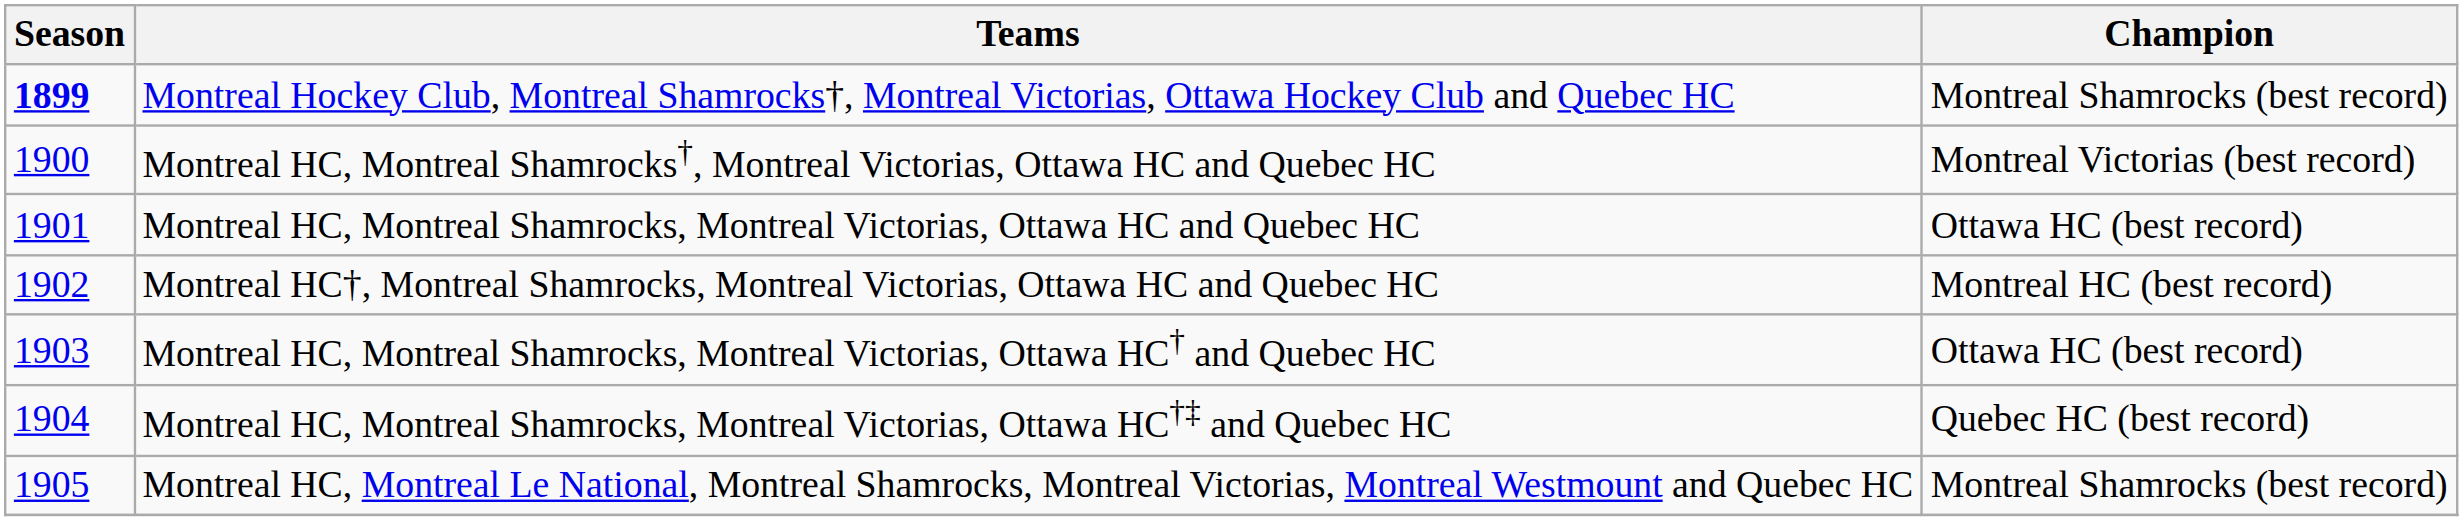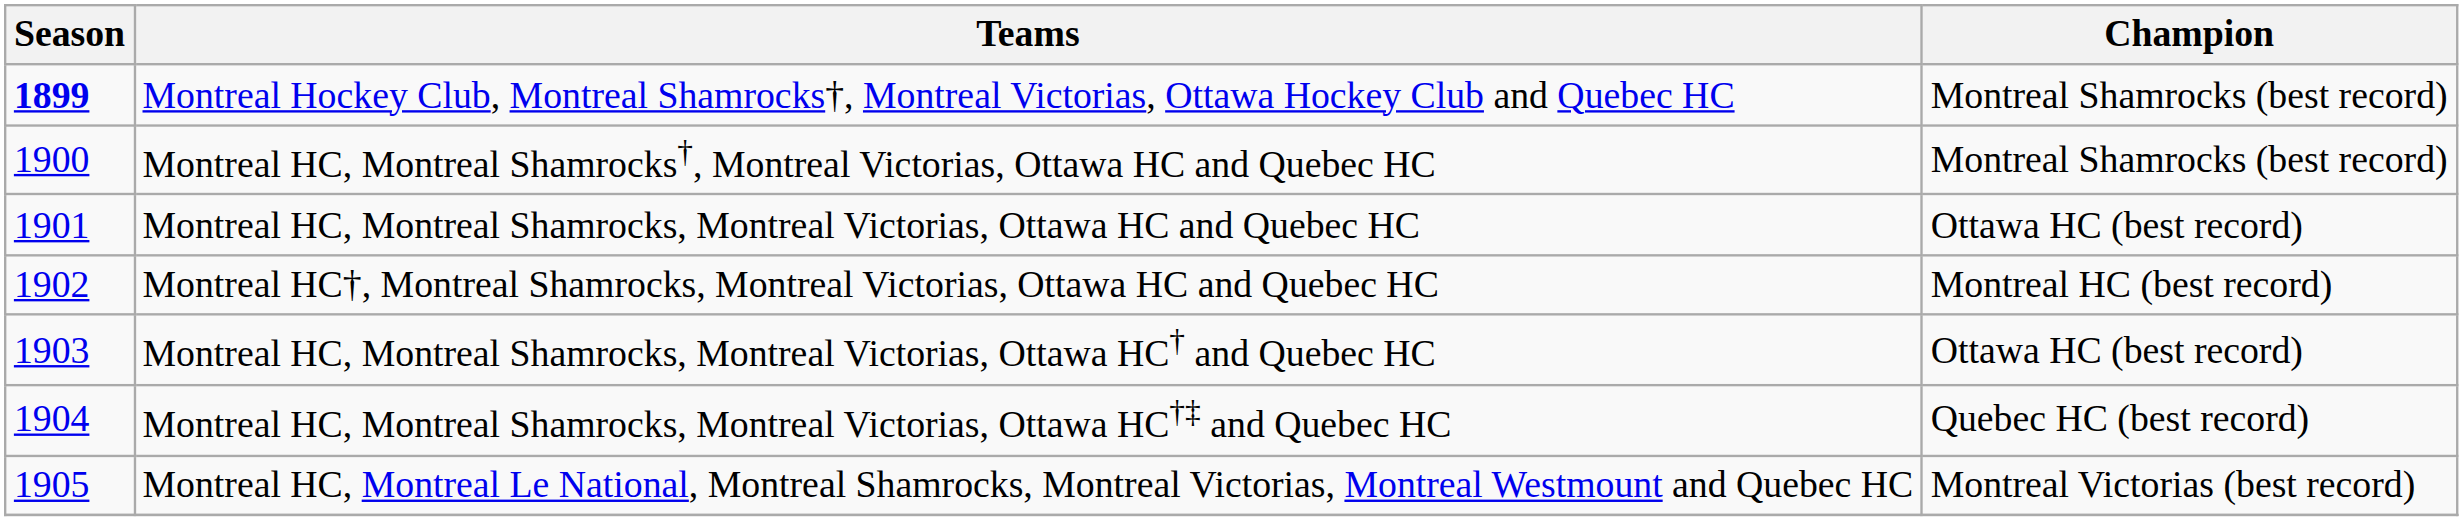 <table class="wikitable">
 <tr>
 <th>Season</th>
 <th>Teams</th>
 <th>Champion</th>
 </tr>
 <tr>
 <td><strong><a href='#'>1899</a></strong></td>
 <td><a href='#'>Montreal Hockey Club</a>, <a href='#'>Montreal Shamrocks</a>†, <a href='#'>Montreal Victorias</a>, <a href='#'>Ottawa Hockey Club</a> and <a href='#'>Quebec HC</a></td>
 <td>Montreal Shamrocks (best record)</td>
 </tr>
 <tr>
 <td><a href='#'>1900</a></td>
 <td>Montreal HC, Montreal Shamrocks<sup>†</sup>, Montreal Victorias, Ottawa HC and Quebec HC</td>
-<td>Montreal Victorias (best record)</td>
+<td>Montreal Shamrocks (best record)</td>
 </tr>
 <tr>
 <td><a href='#'>1901</a></td>
 <td>Montreal HC, Montreal Shamrocks, Montreal Victorias, Ottawa HC and Quebec HC</td>
 <td>Ottawa HC (best record)</td>
 </tr>
 <tr>
 <td><a href='#'>1902</a></td>
 <td>Montreal HC†, Montreal Shamrocks, Montreal Victorias, Ottawa HC and Quebec HC</td>
 <td>Montreal HC (best record)</td>
 </tr>
 <tr>
 <td><a href='#'>1903</a></td>
 <td>Montreal HC, Montreal Shamrocks, Montreal Victorias, Ottawa HC<sup>†</sup> and Quebec HC</td>
 <td>Ottawa HC (best record)</td>
 </tr>
 <tr>
 <td><a href='#'>1904</a></td>
 <td>Montreal HC, Montreal Shamrocks, Montreal Victorias, Ottawa HC<sup>†‡</sup> and Quebec HC</td>
 <td>Quebec HC (best record)</td>
 </tr>
 <tr>
 <td><a href='#'>1905</a></td>
 <td>Montreal HC, <a href='#'>Montreal Le National</a>, Montreal Shamrocks, Montreal Victorias, <a href='#'>Montreal Westmount</a> and Quebec HC</td>
-<td>Montreal Shamrocks (best record)</td>
+<td>Montreal Victorias (best record)</td>
 </tr>
 <tr>
 </tr>
 </table>
